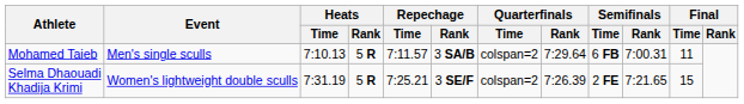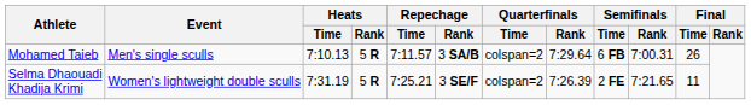 <table class=wikitable style=font-size:90%;text-align:center>
 <tr>
 <th rowspan=2>Athlete</th>
 <th rowspan=2>Event</th>
 <th colspan=2>Heats</th>
 <th colspan=2>Repechage</th>
 <th colspan=2>Quarterfinals</th>
 <th colspan=2>Semifinals</th>
 <th colspan=2>Final</th>
 </tr>
 <tr style=font-size:95%>
 <th>Time</th>
 <th>Rank</th>
 <th>Time</th>
 <th>Rank</th>
 <th>Time</th>
 <th>Rank</th>
 <th>Time</th>
 <th>Rank</th>
 <th>Time</th>
 <th>Rank</th>
 </tr>
 <tr>
 <td align=left><a href='#'>Mohamed Taieb</a></td>
 <td align=left><a href='#'>Men's single sculls</a></td>
 <td>7:10.13</td>
 <td>5 <strong>R</strong></td>
 <td>7:11.57</td>
 <td>3 <strong>SA/B</strong></td>
 <td>colspan=2 </td>
 <td>7:29.64</td>
 <td>6 <strong>FB</strong></td>
 <td>7:00.31</td>
-<td>11</td>
+<td>26</td>
 </tr>
 <tr>
 <td align=left><a href='#'>Selma Dhaouadi</a><br><a href='#'>Khadija Krimi</a></td>
 <td align=left><a href='#'>Women's lightweight double sculls</a></td>
 <td>7:31.19</td>
 <td>5 <strong>R</strong></td>
 <td>7:25.21</td>
 <td>3 <strong>SE/F</strong></td>
 <td>colspan=2 </td>
 <td>7:26.39</td>
 <td>2 <strong>FE</strong></td>
 <td>7:21.65</td>
-<td>15</td>
+<td>11</td>
 </tr>
 </table>
